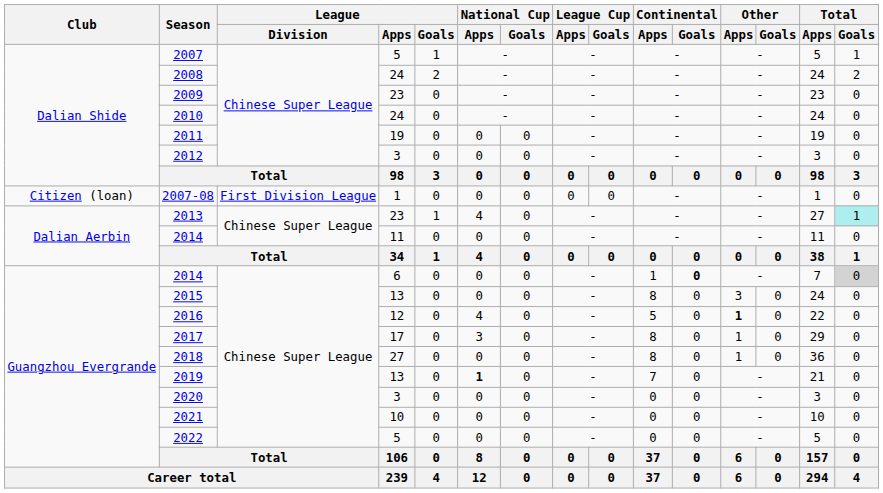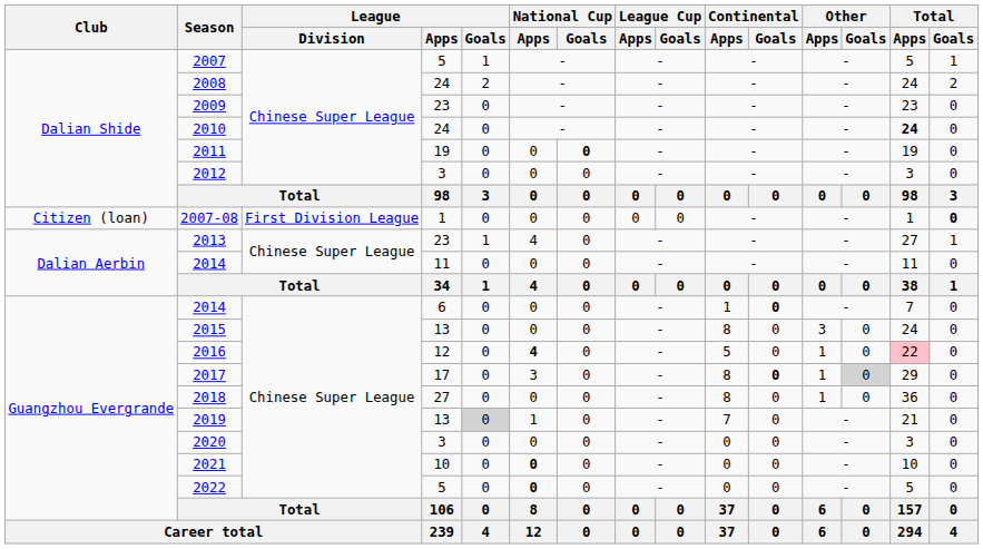 <table class="wikitable" style="text-align: center">
 <tr>
 <th rowspan="2">Club</th>
 <th rowspan="2">Season</th>
 <th colspan="3">League</th>
 <th colspan="2">National Cup</th>
 <th colspan="2">League Cup</th>
 <th colspan="2">Continental</th>
 <th colspan="2">Other</th>
 <th colspan="2">Total</th>
 </tr>
 <tr>
 <th>Division</th>
 <th>Apps</th>
 <th>Goals</th>
 <th>Apps</th>
 <th>Goals</th>
 <th>Apps</th>
 <th>Goals</th>
 <th>Apps</th>
 <th>Goals</th>
 <th>Apps</th>
 <th>Goals</th>
 <th>Apps</th>
 <th>Goals</th>
 </tr>
 <tr>
 <td rowspan=7><a href='#'>Dalian Shide</a></td>
 <td><a href='#'>2007</a></td>
 <td rowspan=6><a href='#'>Chinese Super League</a></td>
 <td>5</td>
 <td>1</td>
 <td colspan="2">-</td>
 <td colspan="2">-</td>
 <td colspan="2">-</td>
 <td colspan="2">-</td>
 <td>5</td>
 <td>1</td>
 </tr>
 <tr>
 <td><a href='#'>2008</a></td>
 <td>24</td>
 <td>2</td>
 <td colspan="2">-</td>
 <td colspan="2">-</td>
 <td colspan="2">-</td>
 <td colspan="2">-</td>
 <td>24</td>
 <td>2</td>
 </tr>
 <tr>
 <td><a href='#'>2009</a></td>
 <td>23</td>
 <td>0</td>
 <td colspan="2">-</td>
 <td colspan="2">-</td>
 <td colspan="2">-</td>
 <td colspan="2">-</td>
 <td>23</td>
 <td>0</td>
 </tr>
 <tr>
 <td><a href='#'>2010</a></td>
 <td>24</td>
 <td>0</td>
 <td colspan="2">-</td>
 <td colspan="2">-</td>
 <td colspan="2">-</td>
 <td colspan="2">-</td>
-<td>24</td>
+<td><strong>24</strong></td>
 <td>0</td>
 </tr>
 <tr>
 <td><a href='#'>2011</a></td>
 <td>19</td>
 <td>0</td>
 <td>0</td>
-<td>0</td>
+<td><strong>0</strong></td>
 <td colspan="2">-</td>
 <td colspan="2">-</td>
 <td colspan="2">-</td>
 <td>19</td>
 <td>0</td>
 </tr>
 <tr>
 <td><a href='#'>2012</a></td>
 <td>3</td>
 <td>0</td>
 <td>0</td>
 <td>0</td>
 <td colspan="2">-</td>
 <td colspan="2">-</td>
 <td colspan="2">-</td>
 <td>3</td>
 <td>0</td>
 </tr>
 <tr>
 <th colspan="2"><strong>Total</strong></th>
 <th>98</th>
 <th>3</th>
 <th>0</th>
 <th>0</th>
 <th>0</th>
 <th>0</th>
 <th>0</th>
 <th>0</th>
 <th>0</th>
 <th>0</th>
 <th>98</th>
 <th>3</th>
 </tr>
 <tr>
 <td><a href='#'>Citizen</a> (loan)</td>
 <td><a href='#'>2007-08</a></td>
 <td><a href='#'>First Division League</a></td>
 <td>1</td>
 <td>0</td>
 <td>0</td>
 <td>0</td>
 <td>0</td>
 <td>0</td>
 <td colspan="2">-</td>
 <td colspan="2">-</td>
 <td>1</td>
-<td>0</td>
+<td><strong>0</strong></td>
 </tr>
 <tr>
 <td rowspan="3"><a href='#'>Dalian Aerbin</a></td>
 <td><a href='#'>2013</a></td>
 <td rowspan="2">Chinese Super League</td>
 <td>23</td>
 <td>1</td>
 <td>4</td>
 <td>0</td>
 <td colspan="2">-</td>
 <td colspan="2">-</td>
 <td colspan="2">-</td>
 <td>27</td>
-<td style="background: paleturquoise;">1</td>
+<td>1</td>
 </tr>
 <tr>
 <td><a href='#'>2014</a></td>
 <td>11</td>
 <td>0</td>
 <td>0</td>
 <td>0</td>
 <td colspan="2">-</td>
 <td colspan="2">-</td>
 <td colspan="2">-</td>
 <td>11</td>
 <td>0</td>
 </tr>
 <tr>
 <th colspan="2"><strong>Total</strong></th>
 <th>34</th>
 <th>1</th>
 <th>4</th>
 <th>0</th>
 <th>0</th>
 <th>0</th>
 <th>0</th>
 <th>0</th>
 <th>0</th>
 <th>0</th>
 <th>38</th>
 <th>1</th>
 </tr>
 <tr>
 <td rowspan="10"><a href='#'>Guangzhou Evergrande</a></td>
 <td><a href='#'>2014</a></td>
 <td rowspan="9">Chinese Super League</td>
 <td>6</td>
 <td>0</td>
 <td>0</td>
 <td>0</td>
 <td colspan="2">-</td>
 <td>1</td>
 <td><strong>0</strong></td>
 <td colspan="2">-</td>
 <td>7</td>
-<td style="background: lightgrey;">0</td>
+<td>0</td>
 </tr>
 <tr>
 <td><a href='#'>2015</a></td>
 <td>13</td>
 <td>0</td>
 <td>0</td>
 <td>0</td>
 <td colspan="2">-</td>
 <td>8</td>
 <td>0</td>
 <td>3</td>
 <td>0</td>
 <td>24</td>
 <td>0</td>
 </tr>
 <tr>
 <td><a href='#'>2016</a></td>
 <td>12</td>
 <td>0</td>
-<td>4</td>
+<td><strong>4</strong></td>
 <td>0</td>
 <td colspan="2">-</td>
 <td>5</td>
 <td>0</td>
-<td><strong>1</strong></td>
+<td>1</td>
 <td>0</td>
-<td>22</td>
+<td style="background: pink;">22</td>
 <td>0</td>
 </tr>
 <tr>
 <td><a href='#'>2017</a></td>
 <td>17</td>
 <td>0</td>
 <td>3</td>
 <td>0</td>
 <td colspan="2">-</td>
 <td>8</td>
-<td>0</td>
+<td><strong>0</strong></td>
 <td>1</td>
-<td>0</td>
+<td style="background: lightgrey;">0</td>
 <td>29</td>
 <td>0</td>
 </tr>
 <tr>
 <td><a href='#'>2018</a></td>
 <td>27</td>
 <td>0</td>
 <td>0</td>
 <td>0</td>
 <td colspan="2">-</td>
 <td>8</td>
 <td>0</td>
 <td>1</td>
 <td>0</td>
 <td>36</td>
 <td>0</td>
 </tr>
 <tr>
 <td><a href='#'>2019</a></td>
 <td>13</td>
-<td>0</td>
-<td><strong>1</strong></td>
+<td style="background: lightgrey;">0</td>
+<td>1</td>
 <td>0</td>
 <td colspan="2">-</td>
 <td>7</td>
 <td>0</td>
 <td colspan="2">-</td>
 <td>21</td>
 <td>0</td>
 </tr>
 <tr>
 <td><a href='#'>2020</a></td>
 <td>3</td>
 <td>0</td>
 <td>0</td>
 <td>0</td>
 <td colspan="2">-</td>
 <td>0</td>
 <td>0</td>
 <td colspan="2">-</td>
 <td>3</td>
 <td>0</td>
 </tr>
 <tr>
 <td><a href='#'>2021</a></td>
 <td>10</td>
 <td>0</td>
-<td>0</td>
+<td><strong>0</strong></td>
 <td>0</td>
 <td colspan="2">-</td>
 <td>0</td>
 <td>0</td>
 <td colspan="2">-</td>
 <td>10</td>
 <td>0</td>
 </tr>
 <tr>
 <td><a href='#'>2022</a></td>
 <td>5</td>
 <td>0</td>
-<td>0</td>
+<td><strong>0</strong></td>
 <td>0</td>
 <td colspan="2">-</td>
 <td>0</td>
 <td>0</td>
 <td colspan="2">-</td>
 <td>5</td>
 <td>0</td>
 </tr>
 <tr>
 <th colspan="2"><strong>Total</strong></th>
 <th>106</th>
 <th>0</th>
 <th>8</th>
 <th>0</th>
 <th>0</th>
 <th>0</th>
 <th>37</th>
 <th>0</th>
 <th>6</th>
 <th>0</th>
 <th>157</th>
 <th>0</th>
 </tr>
 <tr>
 <th colspan=3>Career total</th>
 <th>239</th>
 <th>4</th>
 <th>12</th>
 <th>0</th>
 <th>0</th>
 <th>0</th>
 <th>37</th>
 <th>0</th>
 <th>6</th>
 <th>0</th>
 <th>294</th>
 <th>4</th>
 </tr>
 </table>
